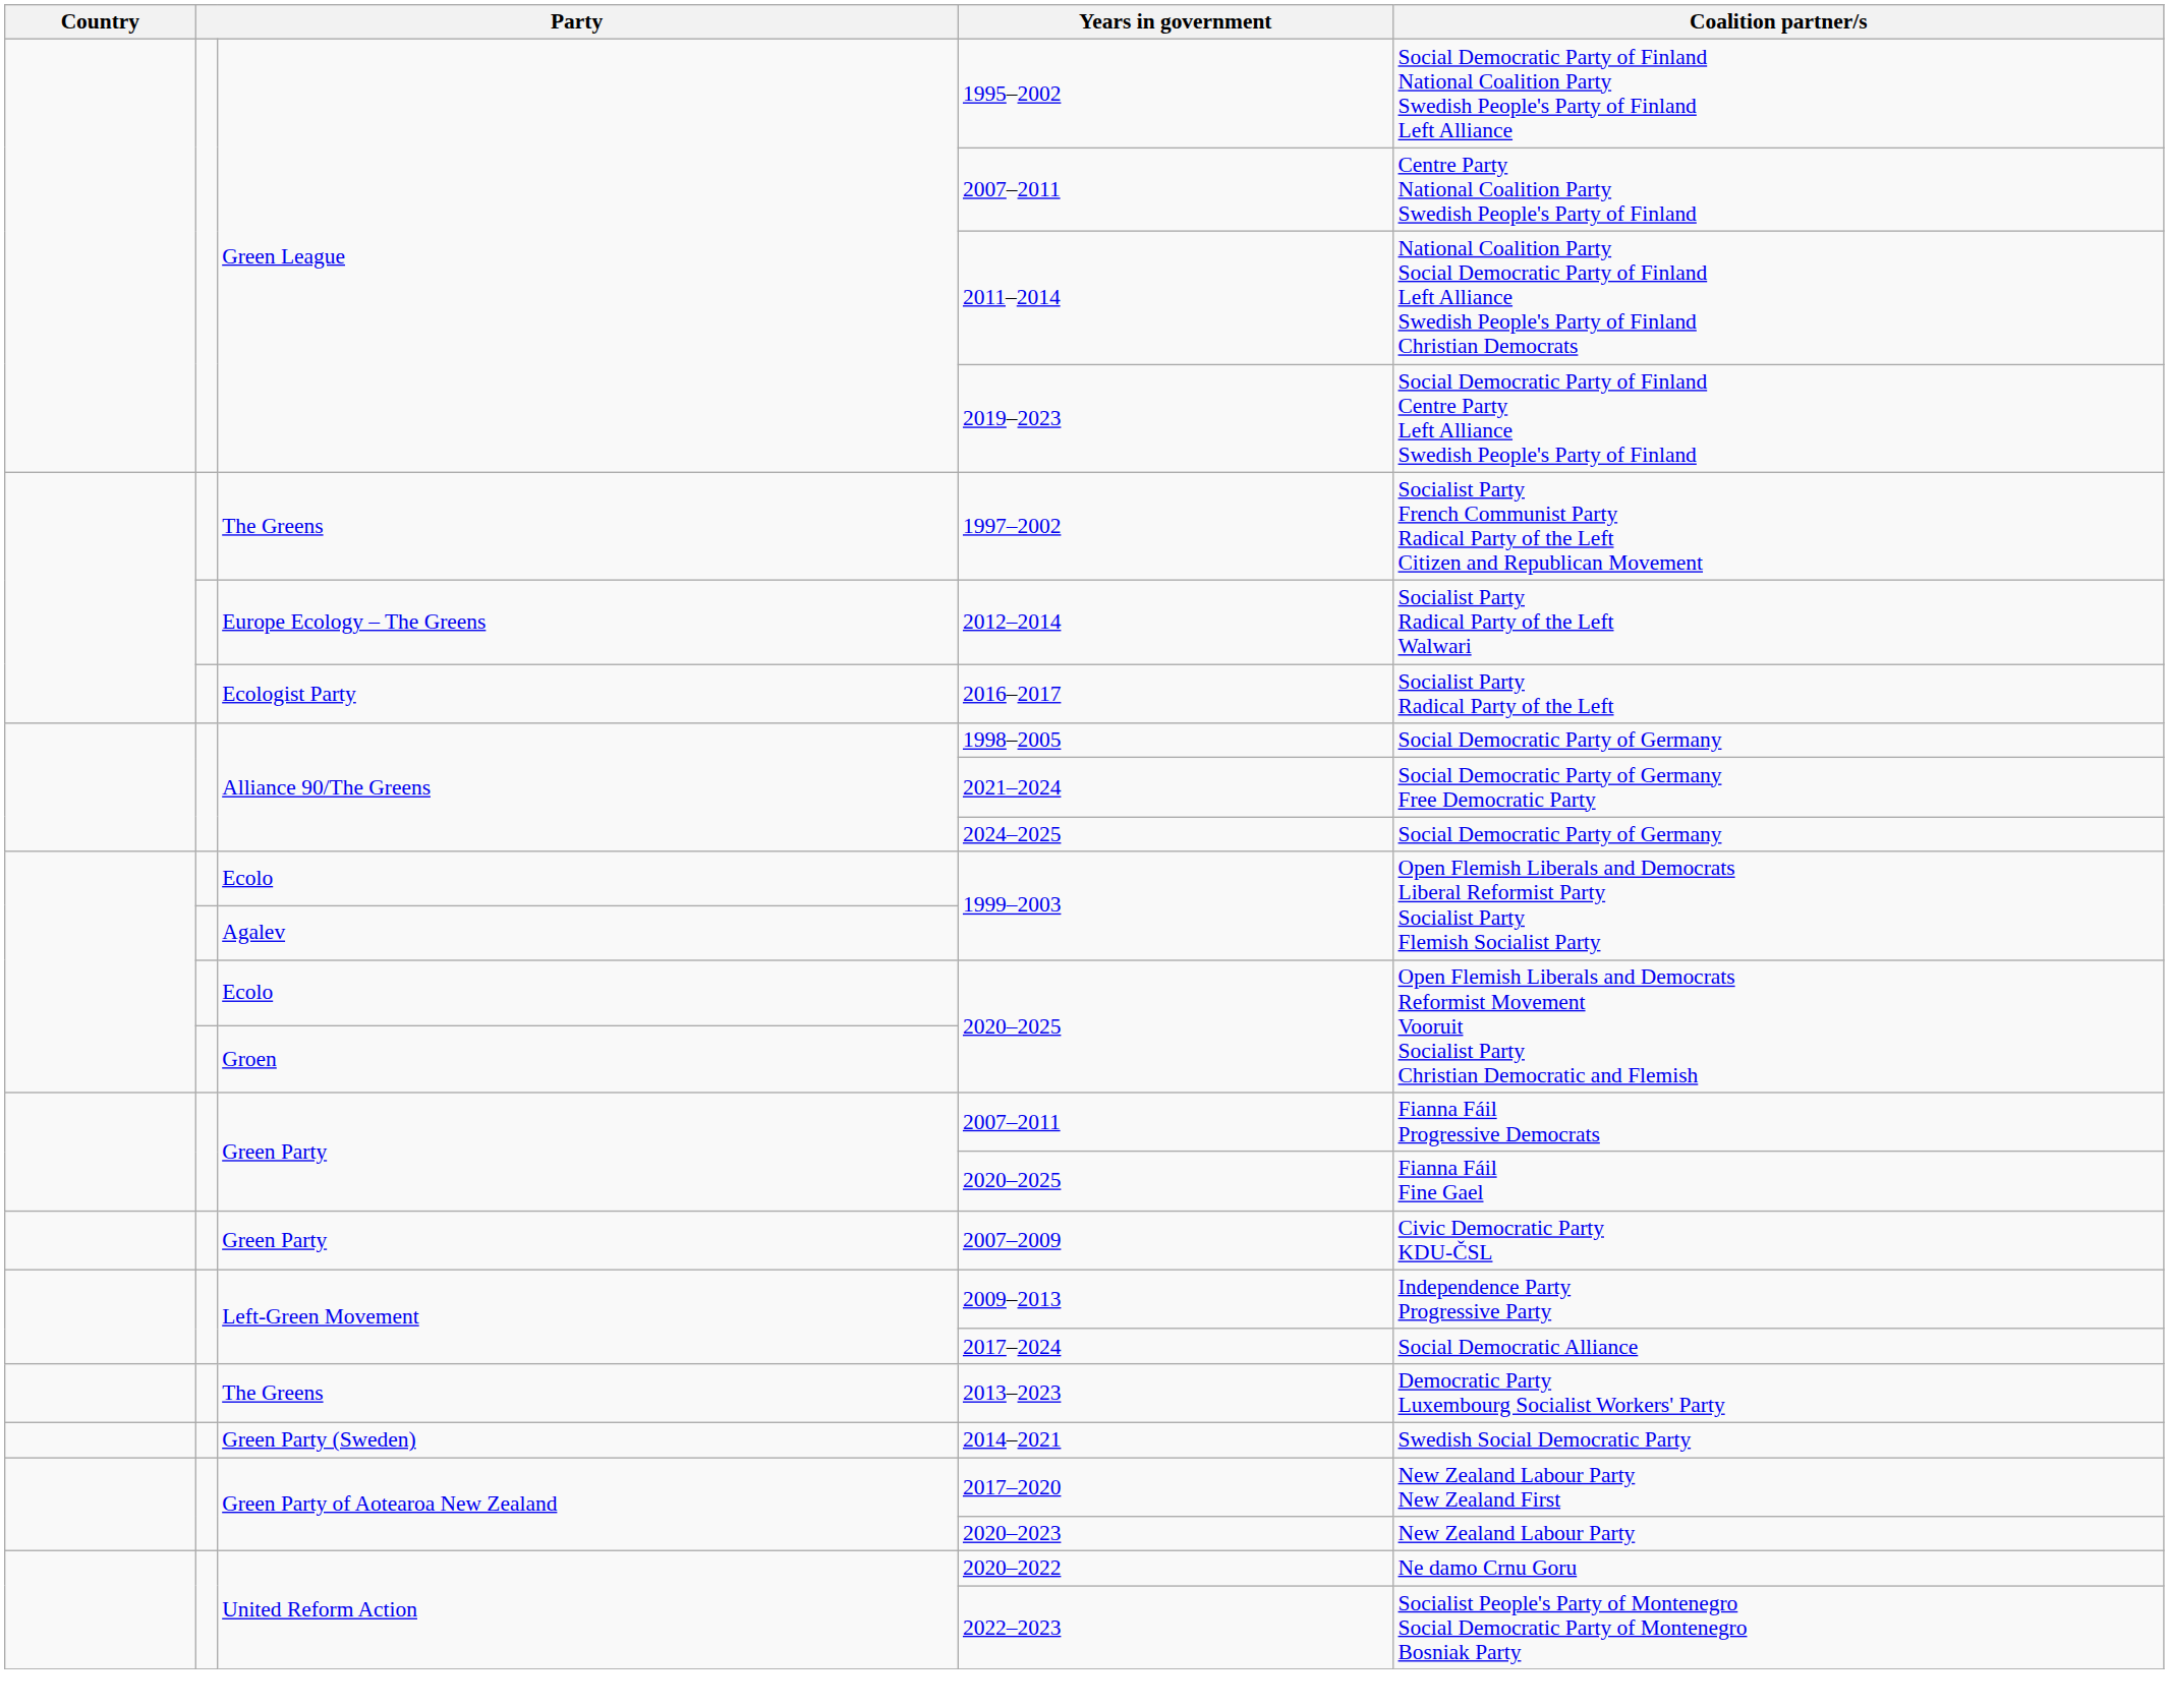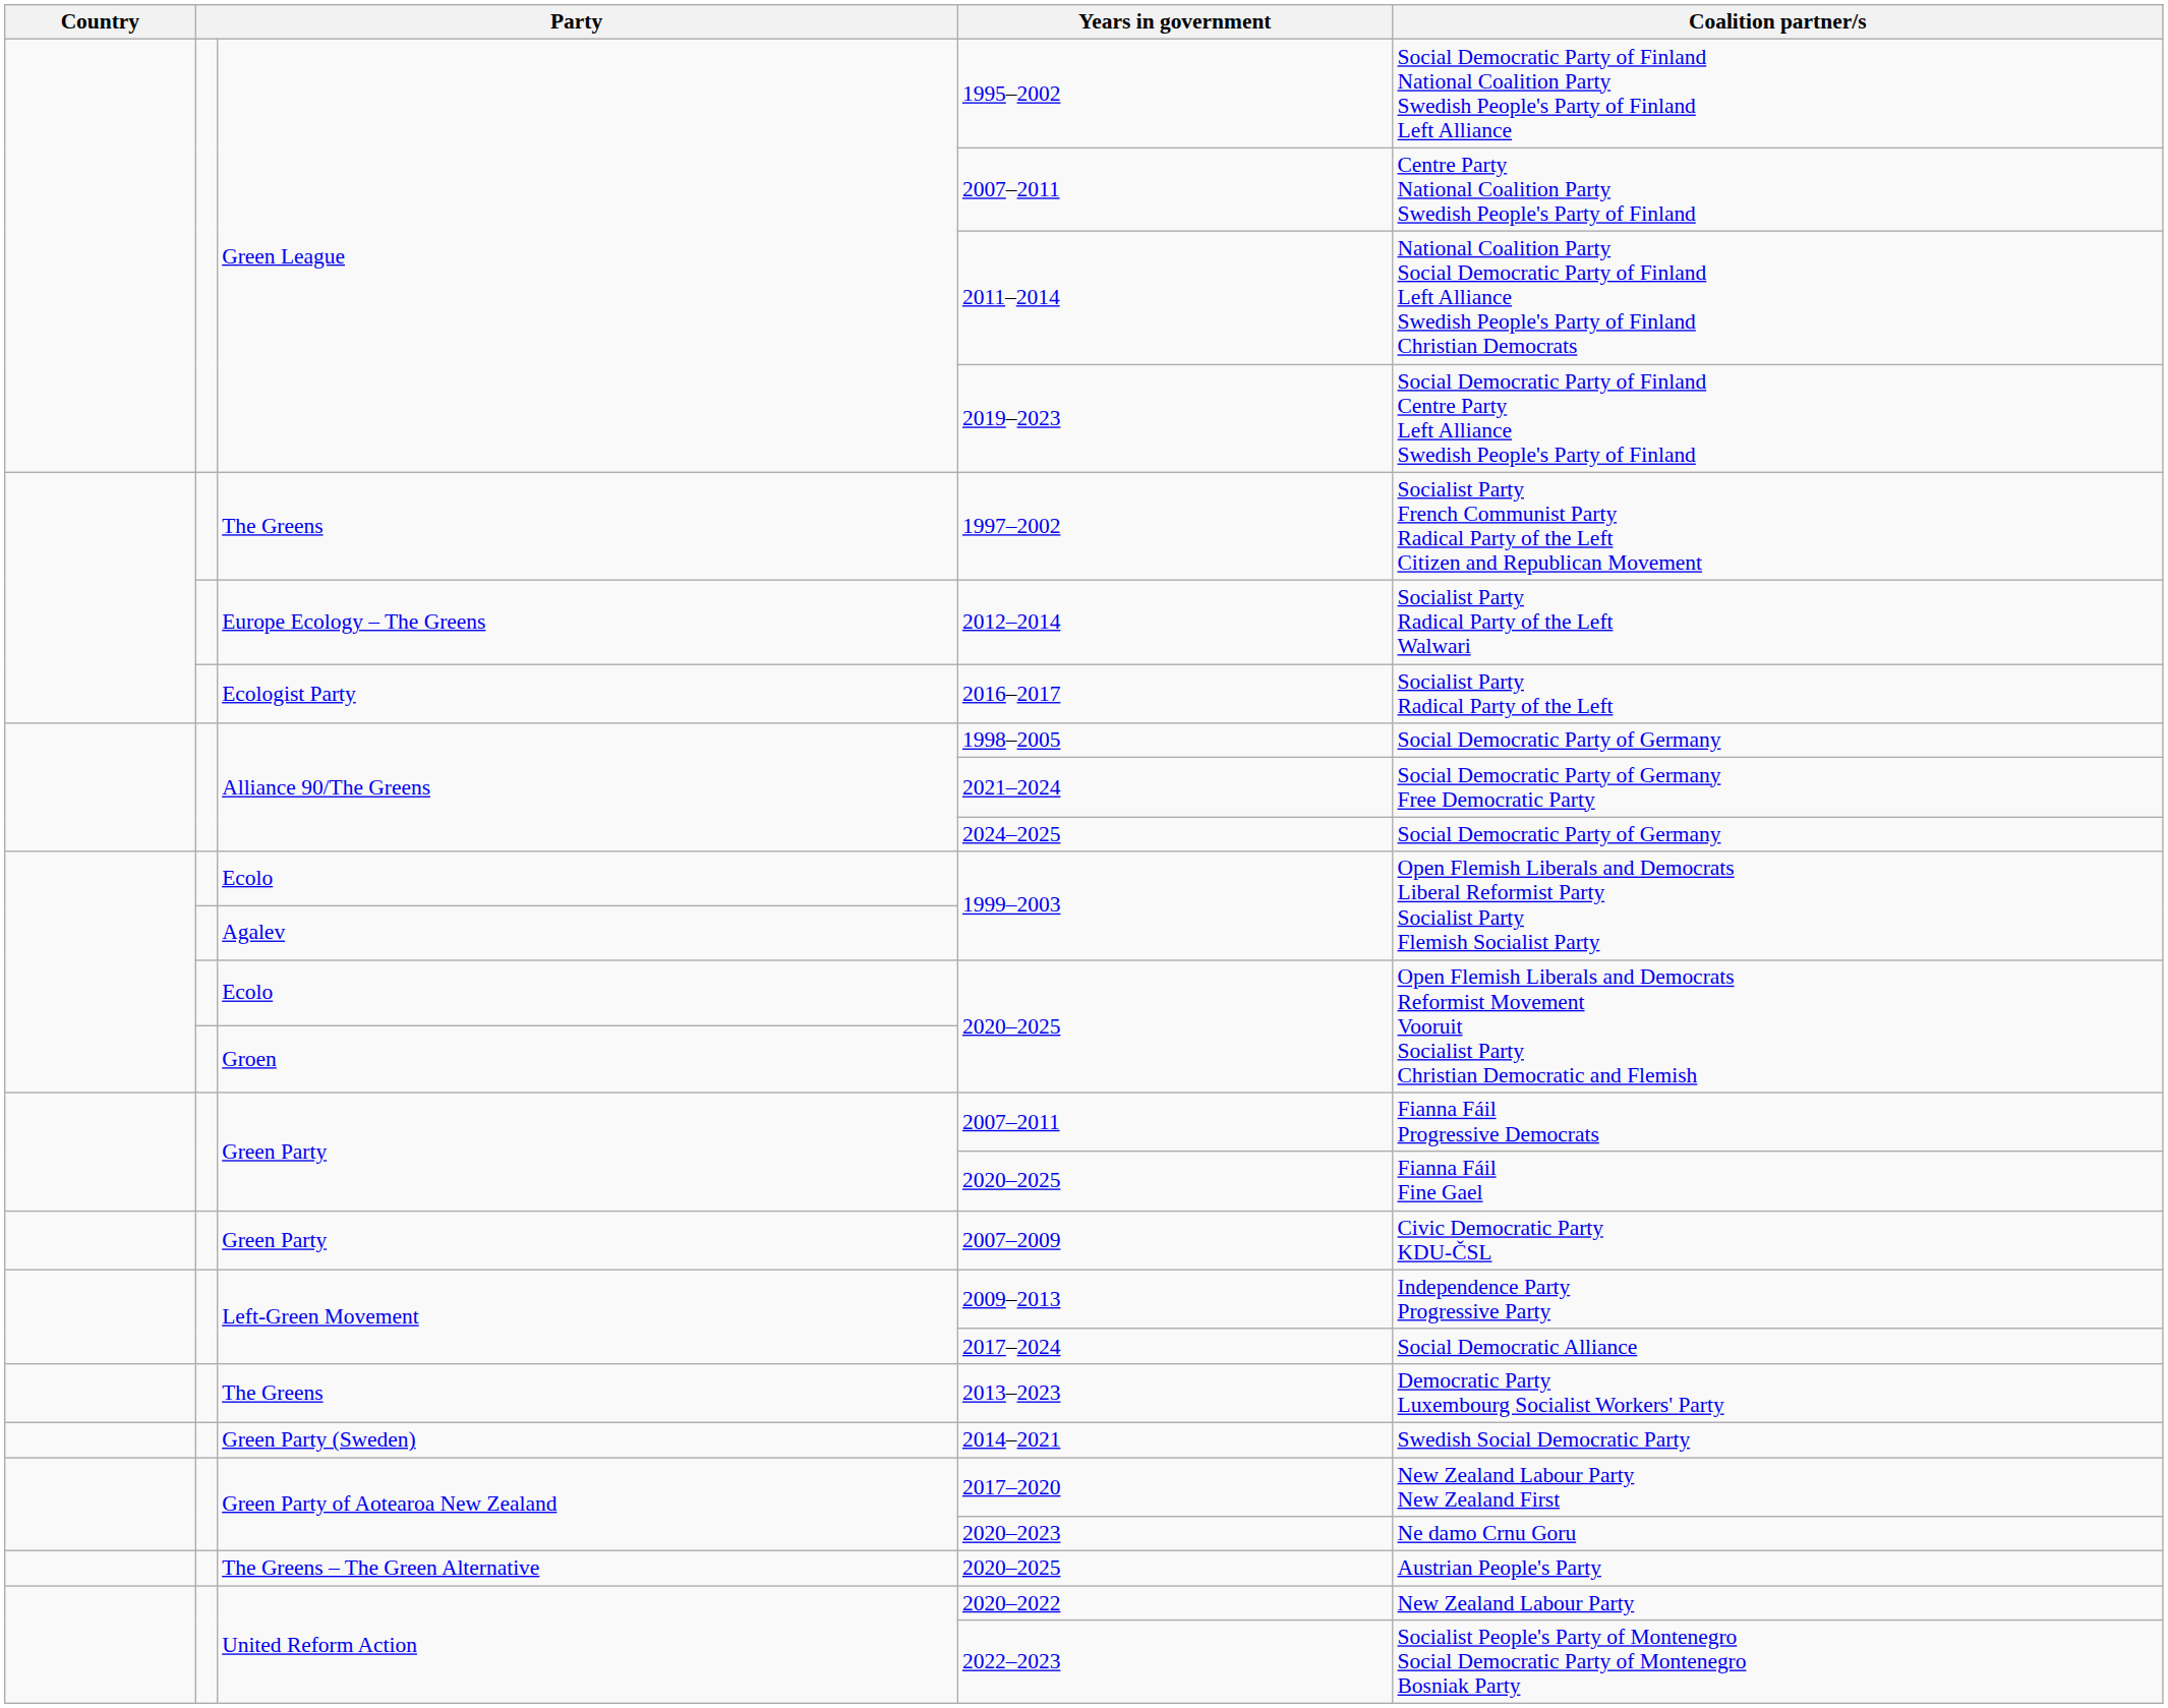 <table class="wikitable sortable" width="100%">
 <tr>
 <th>Country</th>
 <th colspan="2">Party</th>
 <th>Years in government</th>
 <th>Coalition partner/s</th>
 </tr>
 <tr>
 <td rowspan="4"></td>
 <td rowspan="4" style="background-color:"></td>
 <td rowspan="4"><a href='#'>Green League</a></td>
 <td><a href='#'>1995</a>–<a href='#'>2002</a></td>
 <td><a href='#'>Social Democratic Party of Finland</a><br><a href='#'>National Coalition Party</a><br><a href='#'>Swedish People's Party of Finland</a><br><a href='#'>Left Alliance</a></td>
 </tr>
 <tr>
 <td><a href='#'>2007</a>–<a href='#'>2011</a></td>
 <td><a href='#'>Centre Party</a><br><a href='#'>National Coalition Party</a><br><a href='#'>Swedish People's Party of Finland</a></td>
 </tr>
 <tr>
 <td><a href='#'>2011</a>–<a href='#'>2014</a></td>
 <td><a href='#'>National Coalition Party</a><br><a href='#'>Social Democratic Party of Finland</a><br><a href='#'>Left Alliance</a><br><a href='#'>Swedish People's Party of Finland</a><br><a href='#'>Christian Democrats</a></td>
 </tr>
 <tr>
 <td><a href='#'>2019</a>–<a href='#'>2023</a></td>
 <td><a href='#'>Social Democratic Party of Finland</a><br><a href='#'>Centre Party</a><br><a href='#'>Left Alliance</a><br><a href='#'>Swedish People's Party of Finland</a></td>
 </tr>
 <tr>
 <td rowspan="3"></td>
 <td style="background-color:"></td>
 <td><a href='#'>The Greens</a></td>
 <td><a href='#'>1997–2002</a></td>
 <td><a href='#'>Socialist Party</a><br><a href='#'>French Communist Party</a><br><a href='#'>Radical Party of the Left</a><br><a href='#'>Citizen and Republican Movement</a></td>
 </tr>
 <tr>
 <td style="background-color:"></td>
 <td><a href='#'>Europe Ecology – The Greens</a></td>
 <td><a href='#'>2012–2014</a></td>
 <td><a href='#'>Socialist Party</a><br><a href='#'>Radical Party of the Left</a><br><a href='#'>Walwari</a></td>
 </tr>
 <tr>
 <td style="background-color:"></td>
 <td><a href='#'>Ecologist Party</a></td>
 <td><a href='#'>2016</a>–<a href='#'>2017</a></td>
 <td><a href='#'>Socialist Party</a><br><a href='#'>Radical Party of the Left</a></td>
 </tr>
 <tr>
 <td rowspan="3"></td>
 <td rowspan="3" style="background-color:"></td>
 <td rowspan="3"><a href='#'>Alliance 90/The Greens</a></td>
 <td><a href='#'>1998</a>–<a href='#'>2005</a></td>
 <td><a href='#'>Social Democratic Party of Germany</a></td>
 </tr>
 <tr>
 <td><a href='#'>2021–2024</a></td>
 <td><a href='#'>Social Democratic Party of Germany</a><br><a href='#'>Free Democratic Party</a></td>
 </tr>
 <tr>
 <td><a href='#'>2024–2025</a></td>
 <td><a href='#'>Social Democratic Party of Germany</a></td>
 </tr>
 <tr>
 <td rowspan="4"></td>
 <td style="background-color:"></td>
 <td><a href='#'>Ecolo</a></td>
 <td rowspan="2"><a href='#'>1999–2003</a></td>
 <td rowspan="2"><a href='#'>Open Flemish Liberals and Democrats</a><br><a href='#'>Liberal Reformist Party</a><br><a href='#'>Socialist Party</a><br><a href='#'>Flemish Socialist Party</a></td>
 </tr>
 <tr>
 <td style="background-color:"></td>
 <td><a href='#'>Agalev</a></td>
 </tr>
 <tr>
 <td style="background-color:"></td>
 <td><a href='#'>Ecolo</a></td>
 <td rowspan="2"><a href='#'>2020–2025</a></td>
 <td rowspan="2"><a href='#'>Open Flemish Liberals and Democrats</a><br><a href='#'>Reformist Movement</a><br><a href='#'>Vooruit</a><br><a href='#'>Socialist Party</a><br><a href='#'>Christian Democratic and Flemish</a></td>
 </tr>
 <tr>
 <td style="background-color:"></td>
 <td><a href='#'>Groen</a></td>
 </tr>
 <tr>
 <td rowspan="2"></td>
 <td rowspan="2" style="background-color:"></td>
 <td rowspan="2"><a href='#'>Green Party</a></td>
 <td><a href='#'>2007–2011</a></td>
 <td><a href='#'>Fianna Fáil</a><br><a href='#'>Progressive Democrats</a></td>
 </tr>
 <tr>
 <td><a href='#'>2020–2025</a></td>
 <td><a href='#'>Fianna Fáil</a><br><a href='#'>Fine Gael</a></td>
 </tr>
 <tr>
 <td></td>
 <td style="background-color:"></td>
 <td><a href='#'>Green Party</a></td>
 <td><a href='#'>2007–2009</a></td>
 <td><a href='#'>Civic Democratic Party</a><br><a href='#'>KDU-ČSL</a></td>
 </tr>
 <tr>
 <td rowspan="2"></td>
 <td rowspan="2" style="background-color:"></td>
 <td rowspan="2"><a href='#'>Left-Green Movement</a></td>
 <td><a href='#'>2009</a>–<a href='#'>2013</a></td>
 <td><a href='#'>Independence Party</a><br><a href='#'>Progressive Party</a></td>
 </tr>
 <tr>
 <td><a href='#'>2017</a>–<a href='#'>2024</a></td>
 <td><a href='#'>Social Democratic Alliance</a></td>
 </tr>
 <tr>
 <td></td>
 <td style="background-color:"></td>
 <td><a href='#'>The Greens</a></td>
 <td><a href='#'>2013</a>–<a href='#'>2023</a></td>
 <td><a href='#'>Democratic Party</a><br><a href='#'>Luxembourg Socialist Workers' Party</a></td>
 </tr>
 <tr>
 <td></td>
 <td style="background-color:"></td>
 <td><a href='#'>Green Party (Sweden)</a></td>
 <td><a href='#'>2014</a>–<a href='#'>2021</a></td>
 <td><a href='#'>Swedish Social Democratic Party</a></td>
 </tr>
 <tr>
 <td rowspan="2"></td>
 <td rowspan="2" style="background-color:"></td>
 <td rowspan="2"><a href='#'>Green Party of Aotearoa New Zealand</a></td>
 <td><a href='#'>2017–2020</a></td>
 <td><a href='#'>New Zealand Labour Party</a><br><a href='#'>New Zealand First</a></td>
 </tr>
 <tr>
 <td><a href='#'>2020–2023</a></td>
-<td><a href='#'>New Zealand Labour Party</a></td>
+<td><a href='#'>Ne damo Crnu Goru</a></td>
+</tr>
+<tr>
+<td></td>
+<td style="background-color:"></td>
+<td><a href='#'>The Greens – The Green Alternative</a></td>
+<td><a href='#'>2020–2025</a></td>
+<td><a href='#'>Austrian People's Party</a></td>
 </tr>
 <tr>
 <td rowspan="2"></td>
 <td rowspan="2" style="background-color:"></td>
 <td rowspan="2"><a href='#'>United Reform Action</a></td>
 <td><a href='#'>2020–2022</a></td>
-<td><a href='#'>Ne damo Crnu Goru</a></td>
+<td><a href='#'>New Zealand Labour Party</a></td>
 </tr>
 <tr>
 <td><a href='#'>2022–2023</a></td>
 <td><a href='#'>Socialist People's Party of Montenegro</a><br><a href='#'>Social Democratic Party of Montenegro</a><br><a href='#'>Bosniak Party</a></td>
 </tr>
 </table>
